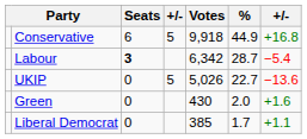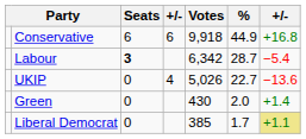 <table class="wikitable">
 <tr>
 <th colspan="2">Party</th>
 <th>Seats</th>
 <th>+/-</th>
 <th>Votes</th>
 <th>%</th>
 <th>+/-</th>
 </tr>
 <tr>
 <td style="background-color: "></td>
 <td><a href='#'>Conservative</a></td>
 <td>6</td>
-<td> 5</td>
+<td> 6</td>
 <td>9,918</td>
 <td>44.9</td>
 <td style="color:green">+16.8</td>
 </tr>
 <tr>
 <td style="background-color: "></td>
 <td><a href='#'>Labour</a></td>
 <td><strong>3</strong></td>
 <td></td>
 <td>6,342</td>
 <td>28.7</td>
 <td style="color:red">−5.4</td>
 </tr>
 <tr>
 <td style="background-color:"></td>
 <td><a href='#'>UKIP</a></td>
 <td>0</td>
-<td> 5</td>
+<td> 4</td>
 <td>5,026</td>
 <td>22.7</td>
 <td style="color:red">−13.6</td>
 </tr>
 <tr>
 <td style="background-color: "></td>
 <td><a href='#'>Green</a></td>
 <td>0</td>
 <td></td>
 <td>430</td>
 <td>2.0</td>
-<td style="color:green">+1.6</td>
+<td style="color:green">+1.4</td>
 </tr>
 <tr>
 <td style="background-color: "></td>
 <td><a href='#'>Liberal Democrat</a></td>
 <td>0</td>
 <td></td>
 <td>385</td>
 <td>1.7</td>
-<td style="color:green">+1.1</td>
+<td style="background: khaki; color:green">+1.1</td>
 </tr>
 </table>
